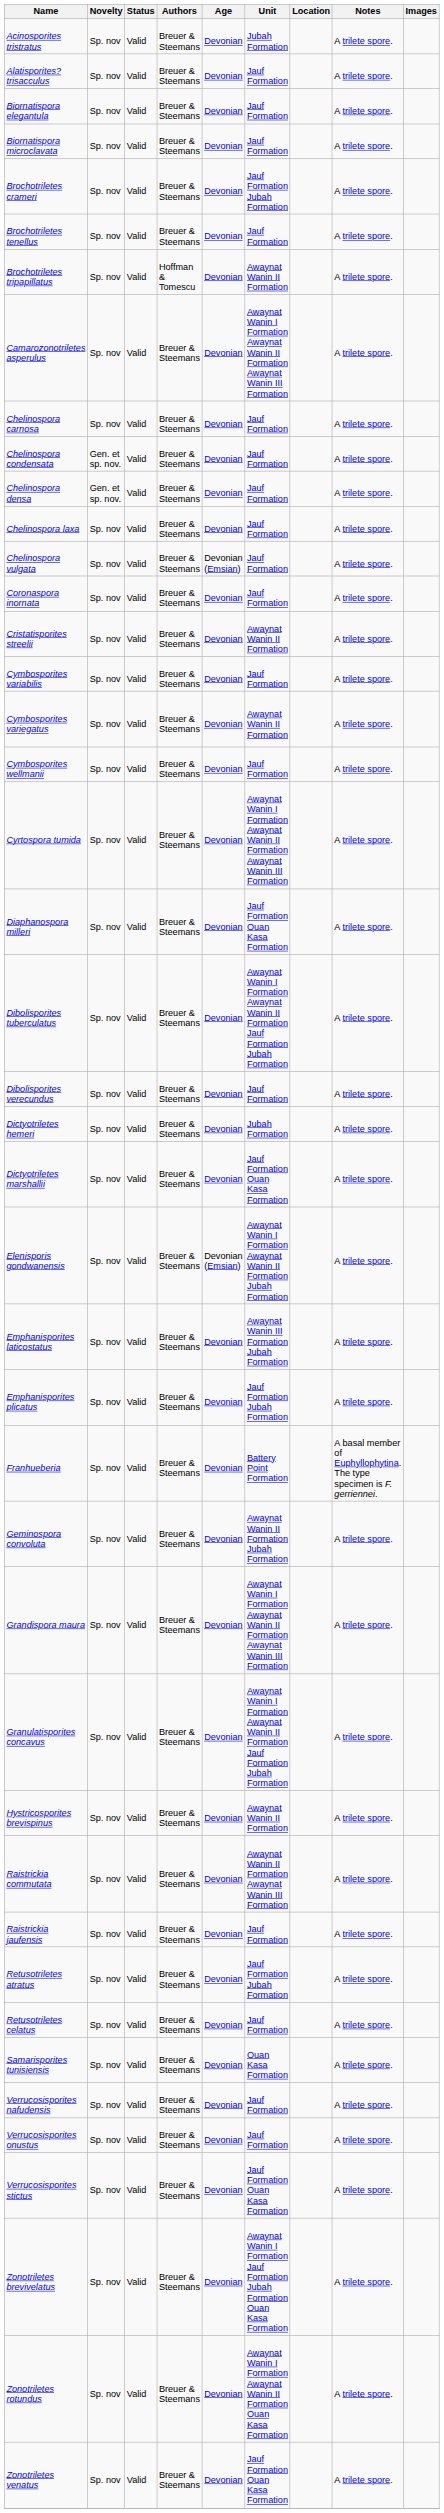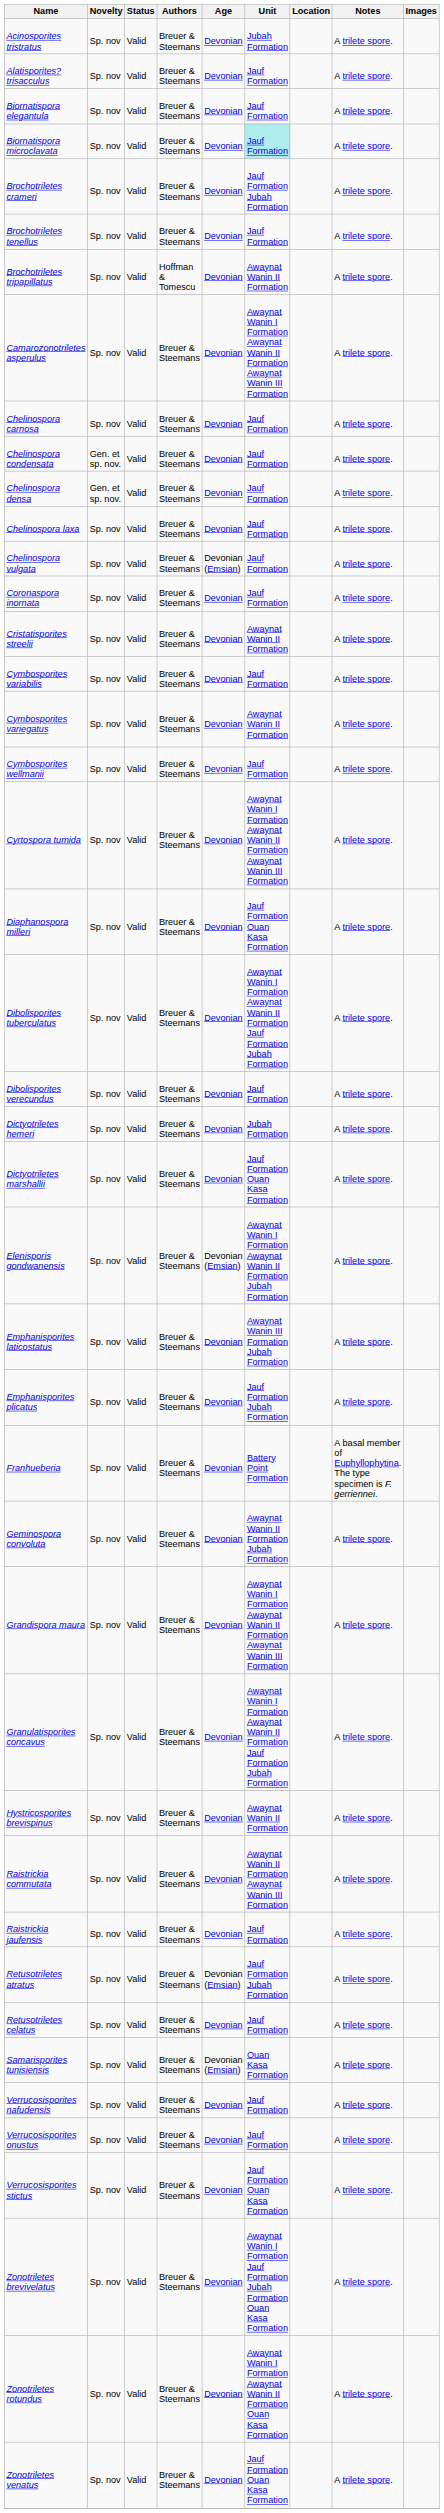 <table class="wikitable sortable" align="center" width="100%">
 <tr>
 <th>Name</th>
 <th>Novelty</th>
 <th>Status</th>
 <th>Authors</th>
 <th>Age</th>
 <th>Unit</th>
 <th>Location</th>
 <th>Notes</th>
 <th>Images</th>
 </tr>
 <tr>
 <td><br><em><a href='#'>Acinosporites tristratus</a></em></td>
 <td><br>Sp. nov</td>
 <td><br>Valid</td>
 <td><br>Breuer & Steemans</td>
 <td><br><a href='#'>Devonian</a></td>
 <td><br><a href='#'>Jubah Formation</a></td>
 <td><br></td>
 <td><br>A <a href='#'>trilete spore</a>.</td>
 <td></td>
 </tr>
 <tr>
 <td><br><em><a href='#'>Alatisporites? trisacculus</a></em></td>
 <td><br>Sp. nov</td>
 <td><br>Valid</td>
 <td><br>Breuer & Steemans</td>
 <td><br><a href='#'>Devonian</a></td>
 <td><br><a href='#'>Jauf Formation</a></td>
 <td><br></td>
 <td><br>A <a href='#'>trilete spore</a>.</td>
 <td></td>
 </tr>
 <tr>
 <td><br><em><a href='#'>Biornatispora elegantula</a></em></td>
 <td><br>Sp. nov</td>
 <td><br>Valid</td>
 <td><br>Breuer & Steemans</td>
 <td><br><a href='#'>Devonian</a></td>
 <td><br><a href='#'>Jauf Formation</a></td>
 <td><br><br> <br> </td>
 <td><br>A <a href='#'>trilete spore</a>.</td>
 <td></td>
 </tr>
 <tr>
 <td><br><em><a href='#'>Biornatispora microclavata</a></em></td>
 <td><br>Sp. nov</td>
 <td><br>Valid</td>
 <td><br>Breuer & Steemans</td>
 <td><br><a href='#'>Devonian</a></td>
-<td><br><a href='#'>Jauf Formation</a></td>
+<td style="background: paleturquoise;"><br><a href='#'>Jauf Formation</a></td>
 <td><br></td>
 <td><br>A <a href='#'>trilete spore</a>.</td>
 <td></td>
 </tr>
 <tr>
 <td><br><em><a href='#'>Brochotriletes crameri</a></em></td>
 <td><br>Sp. nov</td>
 <td><br>Valid</td>
 <td><br>Breuer & Steemans</td>
 <td><br><a href='#'>Devonian</a></td>
 <td><br><a href='#'>Jauf Formation</a><br> <a href='#'>Jubah Formation</a></td>
 <td><br></td>
 <td><br>A <a href='#'>trilete spore</a>.</td>
 <td></td>
 </tr>
 <tr>
 <td><br><em><a href='#'>Brochotriletes tenellus</a></em></td>
 <td><br>Sp. nov</td>
 <td><br>Valid</td>
 <td><br>Breuer & Steemans</td>
 <td><br><a href='#'>Devonian</a></td>
 <td><br><a href='#'>Jauf Formation</a></td>
 <td><br></td>
 <td><br>A <a href='#'>trilete spore</a>.</td>
 <td></td>
 </tr>
 <tr>
 <td><br><em><a href='#'>Brochotriletes tripapillatus</a></em></td>
 <td><br>Sp. nov</td>
 <td><br>Valid</td>
 <td><br>Hoffman & Tomescu</td>
 <td><br><a href='#'>Devonian</a></td>
 <td><br><a href='#'>Awaynat Wanin II Formation</a></td>
 <td><br></td>
 <td><br>A <a href='#'>trilete spore</a>.</td>
 <td></td>
 </tr>
 <tr>
 <td><br><em><a href='#'>Camarozonotriletes asperulus</a></em></td>
 <td><br>Sp. nov</td>
 <td><br>Valid</td>
 <td><br>Breuer & Steemans</td>
 <td><br><a href='#'>Devonian</a></td>
 <td><br><a href='#'>Awaynat Wanin I Formation</a><br> <a href='#'>Awaynat Wanin II Formation</a><br> <a href='#'>Awaynat Wanin III Formation</a></td>
 <td><br><br> </td>
 <td><br>A <a href='#'>trilete spore</a>.</td>
 <td></td>
 </tr>
 <tr>
 <td><br><em><a href='#'>Chelinospora carnosa</a></em></td>
 <td><br>Sp. nov</td>
 <td><br>Valid</td>
 <td><br>Breuer & Steemans</td>
 <td><br><a href='#'>Devonian</a></td>
 <td><br><a href='#'>Jauf Formation</a></td>
 <td><br></td>
 <td><br>A <a href='#'>trilete spore</a>.</td>
 <td></td>
 </tr>
 <tr>
 <td><br><em><a href='#'>Chelinospora condensata</a></em></td>
 <td><br>Gen. et sp. nov.</td>
 <td><br>Valid</td>
 <td><br>Breuer & Steemans</td>
 <td><br><a href='#'>Devonian</a></td>
 <td><br><a href='#'>Jauf Formation</a></td>
 <td><br></td>
 <td><br>A <a href='#'>trilete spore</a>.</td>
 <td></td>
 </tr>
 <tr>
 <td><br><em><a href='#'>Chelinospora densa</a></em></td>
 <td><br>Gen. et sp. nov.</td>
 <td><br>Valid</td>
 <td><br>Breuer & Steemans</td>
 <td><br><a href='#'>Devonian</a></td>
 <td><br><a href='#'>Jauf Formation</a></td>
 <td><br></td>
 <td><br>A <a href='#'>trilete spore</a>.</td>
 <td></td>
 </tr>
 <tr>
 <td><br><em><a href='#'>Chelinospora laxa</a></em></td>
 <td><br>Sp. nov</td>
 <td><br>Valid</td>
 <td><br>Breuer & Steemans</td>
 <td><br><a href='#'>Devonian</a></td>
 <td><br><a href='#'>Jauf Formation</a></td>
 <td><br></td>
 <td><br>A <a href='#'>trilete spore</a>.</td>
 <td></td>
 </tr>
 <tr>
 <td><br><em><a href='#'>Chelinospora vulgata</a></em></td>
 <td><br>Sp. nov</td>
 <td><br>Valid</td>
 <td><br>Breuer & Steemans</td>
 <td><br>Devonian (<a href='#'>Emsian</a>)</td>
 <td><br><a href='#'>Jauf Formation</a></td>
 <td><br></td>
 <td><br>A <a href='#'>trilete spore</a>.</td>
 <td></td>
 </tr>
 <tr>
 <td><br><em><a href='#'>Coronaspora inornata</a></em></td>
 <td><br>Sp. nov</td>
 <td><br>Valid</td>
 <td><br>Breuer & Steemans</td>
 <td><br><a href='#'>Devonian</a></td>
 <td><br><a href='#'>Jauf Formation</a></td>
 <td><br></td>
 <td><br>A <a href='#'>trilete spore</a>.</td>
 <td></td>
 </tr>
 <tr>
 <td><br><em><a href='#'>Cristatisporites streelii</a></em></td>
 <td><br>Sp. nov</td>
 <td><br>Valid</td>
 <td><br>Breuer & Steemans</td>
 <td><br><a href='#'>Devonian</a></td>
 <td><br><a href='#'>Awaynat Wanin II Formation</a></td>
 <td><br><br> </td>
 <td><br>A <a href='#'>trilete spore</a>.</td>
 <td></td>
 </tr>
 <tr>
 <td><br><em><a href='#'>Cymbosporites variabilis</a></em></td>
 <td><br>Sp. nov</td>
 <td><br>Valid</td>
 <td><br>Breuer & Steemans</td>
 <td><br><a href='#'>Devonian</a></td>
 <td><br><a href='#'>Jauf Formation</a></td>
 <td><br></td>
 <td><br>A <a href='#'>trilete spore</a>.</td>
 <td></td>
 </tr>
 <tr>
 <td><br><em><a href='#'>Cymbosporites variegatus</a></em></td>
 <td><br>Sp. nov</td>
 <td><br>Valid</td>
 <td><br>Breuer & Steemans</td>
 <td><br><a href='#'>Devonian</a></td>
 <td><br><a href='#'>Awaynat Wanin II Formation</a></td>
 <td><br><br> <br> <br> <br> </td>
 <td><br>A <a href='#'>trilete spore</a>.</td>
 <td></td>
 </tr>
 <tr>
 <td><br><em><a href='#'>Cymbosporites wellmanii</a></em></td>
 <td><br>Sp. nov</td>
 <td><br>Valid</td>
 <td><br>Breuer & Steemans</td>
 <td><br><a href='#'>Devonian</a></td>
 <td><br><a href='#'>Jauf Formation</a></td>
 <td><br></td>
 <td><br>A <a href='#'>trilete spore</a>.</td>
 <td></td>
 </tr>
 <tr>
 <td><br><em><a href='#'>Cyrtospora tumida</a></em></td>
 <td><br>Sp. nov</td>
 <td><br>Valid</td>
 <td><br>Breuer & Steemans</td>
 <td><br><a href='#'>Devonian</a></td>
 <td><br><a href='#'>Awaynat Wanin I Formation</a><br> <a href='#'>Awaynat Wanin II Formation</a><br> <a href='#'>Awaynat Wanin III Formation</a></td>
 <td><br><br> </td>
 <td><br>A <a href='#'>trilete spore</a>.</td>
 <td></td>
 </tr>
 <tr>
 <td><br><em><a href='#'>Diaphanospora milleri</a></em></td>
 <td><br>Sp. nov</td>
 <td><br>Valid</td>
 <td><br>Breuer & Steemans</td>
 <td><br><a href='#'>Devonian</a></td>
 <td><br><a href='#'>Jauf Formation</a><br> <a href='#'>Ouan Kasa Formation</a></td>
 <td><br></td>
 <td><br>A <a href='#'>trilete spore</a>.</td>
 <td></td>
 </tr>
 <tr>
 <td><br><em><a href='#'>Dibolisporites tuberculatus</a></em></td>
 <td><br>Sp. nov</td>
 <td><br>Valid</td>
 <td><br>Breuer & Steemans</td>
 <td><br><a href='#'>Devonian</a></td>
 <td><br><a href='#'>Awaynat Wanin I Formation</a><br> <a href='#'>Awaynat Wanin II Formation</a><br> <a href='#'>Jauf Formation</a><br> <a href='#'>Jubah Formation</a></td>
 <td><br><br> <br> <br> <br> <br> </td>
 <td><br>A <a href='#'>trilete spore</a>.</td>
 <td></td>
 </tr>
 <tr>
 <td><br><em><a href='#'>Dibolisporites verecundus</a></em></td>
 <td><br>Sp. nov</td>
 <td><br>Valid</td>
 <td><br>Breuer & Steemans</td>
 <td><br><a href='#'>Devonian</a></td>
 <td><br><a href='#'>Jauf Formation</a></td>
 <td><br></td>
 <td><br>A <a href='#'>trilete spore</a>.</td>
 <td></td>
 </tr>
 <tr>
 <td><br><em><a href='#'>Dictyotriletes hemeri</a></em></td>
 <td><br>Sp. nov</td>
 <td><br>Valid</td>
 <td><br>Breuer & Steemans</td>
 <td><br><a href='#'>Devonian</a></td>
 <td><br><a href='#'>Jubah Formation</a></td>
 <td><br><br> </td>
 <td><br>A <a href='#'>trilete spore</a>.</td>
 <td></td>
 </tr>
 <tr>
 <td><br><em><a href='#'>Dictyotriletes marshallii</a></em></td>
 <td><br>Sp. nov</td>
 <td><br>Valid</td>
 <td><br>Breuer & Steemans</td>
 <td><br><a href='#'>Devonian</a></td>
 <td><br><a href='#'>Jauf Formation</a><br> <a href='#'>Ouan Kasa Formation</a></td>
 <td><br></td>
 <td><br>A <a href='#'>trilete spore</a>.</td>
 <td></td>
 </tr>
 <tr>
 <td><br><em><a href='#'>Elenisporis gondwanensis</a></em></td>
 <td><br>Sp. nov</td>
 <td><br>Valid</td>
 <td><br>Breuer & Steemans</td>
 <td><br>Devonian (<a href='#'>Emsian</a>)</td>
 <td><br><a href='#'>Awaynat Wanin I Formation</a><br> <a href='#'>Awaynat Wanin II Formation</a><br> <a href='#'>Jubah Formation</a><br></td>
 <td><br><br> </td>
 <td><br>A <a href='#'>trilete spore</a>.</td>
 <td></td>
 </tr>
 <tr>
 <td><br><em><a href='#'>Emphanisporites laticostatus</a></em></td>
 <td><br>Sp. nov</td>
 <td><br>Valid</td>
 <td><br>Breuer & Steemans</td>
 <td><br><a href='#'>Devonian</a></td>
 <td><br><a href='#'>Awaynat Wanin III Formation</a><br> <a href='#'>Jubah Formation</a><br></td>
 <td><br><br> <br> </td>
 <td><br>A <a href='#'>trilete spore</a>.</td>
 <td></td>
 </tr>
 <tr>
 <td><br><em><a href='#'>Emphanisporites plicatus</a></em></td>
 <td><br>Sp. nov</td>
 <td><br>Valid</td>
 <td><br>Breuer & Steemans</td>
 <td><br><a href='#'>Devonian</a></td>
 <td><br><a href='#'>Jauf Formation</a><br> <a href='#'>Jubah Formation</a></td>
 <td><br></td>
 <td><br>A <a href='#'>trilete spore</a>.</td>
 <td></td>
 </tr>
 <tr>
 <td><br><em><a href='#'>Franhueberia</a></em></td>
 <td><br>Sp. nov</td>
 <td><br>Valid</td>
 <td><br>Breuer & Steemans</td>
 <td><br><a href='#'>Devonian</a></td>
 <td><br><a href='#'>Battery Point Formation</a></td>
 <td><br></td>
 <td><br>A basal member of <a href='#'>Euphyllophytina</a>. The type specimen is <em>F. gerriennei</em>.</td>
 <td></td>
 </tr>
 <tr>
 <td><br><em><a href='#'>Geminospora convoluta</a></em></td>
 <td><br>Sp. nov</td>
 <td><br>Valid</td>
 <td><br>Breuer & Steemans</td>
 <td><br><a href='#'>Devonian</a></td>
 <td><br><a href='#'>Awaynat Wanin II Formation</a><br> <a href='#'>Jubah Formation</a></td>
 <td><br></td>
 <td><br>A <a href='#'>trilete spore</a>.</td>
 <td></td>
 </tr>
 <tr>
 <td><br><em><a href='#'>Grandispora maura</a></em></td>
 <td><br>Sp. nov</td>
 <td><br>Valid</td>
 <td><br>Breuer & Steemans</td>
 <td><br><a href='#'>Devonian</a></td>
 <td><br><a href='#'>Awaynat Wanin I Formation</a><br> <a href='#'>Awaynat Wanin II Formation</a><br> <a href='#'>Awaynat Wanin III Formation</a></td>
 <td><br><br> </td>
 <td><br>A <a href='#'>trilete spore</a>.</td>
 <td></td>
 </tr>
 <tr>
 <td><br><em><a href='#'>Granulatisporites concavus</a></em></td>
 <td><br>Sp. nov</td>
 <td><br>Valid</td>
 <td><br>Breuer & Steemans</td>
 <td><br><a href='#'>Devonian</a></td>
 <td><br><a href='#'>Awaynat Wanin I Formation</a><br> <a href='#'>Awaynat Wanin II Formation</a><br> <a href='#'>Jauf Formation</a><br> <a href='#'>Jubah Formation</a></td>
 <td><br><br> <br> </td>
 <td><br>A <a href='#'>trilete spore</a>.</td>
 <td></td>
 </tr>
 <tr>
 <td><br><em><a href='#'>Hystricosporites brevispinus</a></em></td>
 <td><br>Sp. nov</td>
 <td><br>Valid</td>
 <td><br>Breuer & Steemans</td>
 <td><br><a href='#'>Devonian</a></td>
 <td><br><a href='#'>Awaynat Wanin II Formation</a></td>
 <td><br></td>
 <td><br>A <a href='#'>trilete spore</a>.</td>
 <td></td>
 </tr>
 <tr>
 <td><br><em><a href='#'>Raistrickia commutata</a></em></td>
 <td><br>Sp. nov</td>
 <td><br>Valid</td>
 <td><br>Breuer & Steemans</td>
 <td><br><a href='#'>Devonian</a></td>
 <td><br><a href='#'>Awaynat Wanin II Formation</a><br> <a href='#'>Awaynat Wanin III Formation</a></td>
 <td><br><br> </td>
 <td><br>A <a href='#'>trilete spore</a>.</td>
 <td></td>
 </tr>
 <tr>
 <td><br><em><a href='#'>Raistrickia jaufensis</a></em></td>
 <td><br>Sp. nov</td>
 <td><br>Valid</td>
 <td><br>Breuer & Steemans</td>
 <td><br><a href='#'>Devonian</a></td>
 <td><br><a href='#'>Jauf Formation</a></td>
 <td><br></td>
 <td><br>A <a href='#'>trilete spore</a>.</td>
 <td></td>
 </tr>
 <tr>
 <td><br><em><a href='#'>Retusotriletes atratus</a></em></td>
 <td><br>Sp. nov</td>
 <td><br>Valid</td>
 <td><br>Breuer & Steemans</td>
-<td><br><a href='#'>Devonian</a></td>
+<td><br>Devonian (<a href='#'>Emsian</a>)</td>
 <td><br><a href='#'>Jauf Formation</a><br> <a href='#'>Jubah Formation</a></td>
 <td><br><br> <br> </td>
 <td><br>A <a href='#'>trilete spore</a>.</td>
 <td></td>
 </tr>
 <tr>
 <td><br><em><a href='#'>Retusotriletes celatus</a></em></td>
 <td><br>Sp. nov</td>
 <td><br>Valid</td>
 <td><br>Breuer & Steemans</td>
 <td><br><a href='#'>Devonian</a></td>
 <td><br><a href='#'>Jauf Formation</a></td>
 <td><br></td>
 <td><br>A <a href='#'>trilete spore</a>.</td>
 <td></td>
 </tr>
 <tr>
 <td><br><em><a href='#'>Samarisporites tunisiensis</a></em></td>
 <td><br>Sp. nov</td>
 <td><br>Valid</td>
 <td><br>Breuer & Steemans</td>
-<td><br><a href='#'>Devonian</a></td>
+<td><br>Devonian (<a href='#'>Emsian</a>)</td>
 <td><br><a href='#'>Ouan Kasa Formation</a></td>
 <td><br></td>
 <td><br>A <a href='#'>trilete spore</a>.</td>
 <td></td>
 </tr>
 <tr>
 <td><br><em><a href='#'>Verrucosisporites nafudensis</a></em></td>
 <td><br>Sp. nov</td>
 <td><br>Valid</td>
 <td><br>Breuer & Steemans</td>
 <td><br><a href='#'>Devonian</a></td>
 <td><br><a href='#'>Jauf Formation</a></td>
 <td><br></td>
 <td><br>A <a href='#'>trilete spore</a>.</td>
 <td></td>
 </tr>
 <tr>
 <td><br><em><a href='#'>Verrucosisporites onustus</a></em></td>
 <td><br>Sp. nov</td>
 <td><br>Valid</td>
 <td><br>Breuer & Steemans</td>
 <td><br><a href='#'>Devonian</a></td>
 <td><br><a href='#'>Jauf Formation</a></td>
 <td><br></td>
 <td><br>A <a href='#'>trilete spore</a>.</td>
 <td></td>
 </tr>
 <tr>
 <td><br><em><a href='#'>Verrucosisporites stictus</a></em></td>
 <td><br>Sp. nov</td>
 <td><br>Valid</td>
 <td><br>Breuer & Steemans</td>
 <td><br><a href='#'>Devonian</a></td>
 <td><br><a href='#'>Jauf Formation</a><br> <a href='#'>Ouan Kasa Formation</a></td>
 <td><br></td>
 <td><br>A <a href='#'>trilete spore</a>.</td>
 <td></td>
 </tr>
 <tr>
 <td><br><em><a href='#'>Zonotriletes brevivelatus</a></em></td>
 <td><br>Sp. nov</td>
 <td><br>Valid</td>
 <td><br>Breuer & Steemans</td>
 <td><br><a href='#'>Devonian</a></td>
 <td><br><a href='#'>Awaynat Wanin I Formation</a><br> <a href='#'>Jauf Formation</a><br> <a href='#'>Jubah Formation</a><br> <a href='#'>Ouan Kasa Formation</a></td>
 <td><br><br> <br> <br> </td>
 <td><br>A <a href='#'>trilete spore</a>.</td>
 <td></td>
 </tr>
 <tr>
 <td><br><em><a href='#'>Zonotriletes rotundus</a></em></td>
 <td><br>Sp. nov</td>
 <td><br>Valid</td>
 <td><br>Breuer & Steemans</td>
 <td><br><a href='#'>Devonian</a></td>
 <td><br><a href='#'>Awaynat Wanin I Formation</a><br> <a href='#'>Awaynat Wanin II Formation</a><br> <a href='#'>Ouan Kasa Formation</a></td>
 <td><br><br> </td>
 <td><br>A <a href='#'>trilete spore</a>.</td>
 <td></td>
 </tr>
 <tr>
 <td><br><em><a href='#'>Zonotriletes venatus</a></em></td>
 <td><br>Sp. nov</td>
 <td><br>Valid</td>
 <td><br>Breuer & Steemans</td>
 <td><br><a href='#'>Devonian</a></td>
 <td><br><a href='#'>Jauf Formation</a><br> <a href='#'>Ouan Kasa Formation</a></td>
 <td><br><br> <br> <br> </td>
 <td><br>A <a href='#'>trilete spore</a>.</td>
 <td></td>
 </tr>
 <tr>
 </tr>
 </table>
